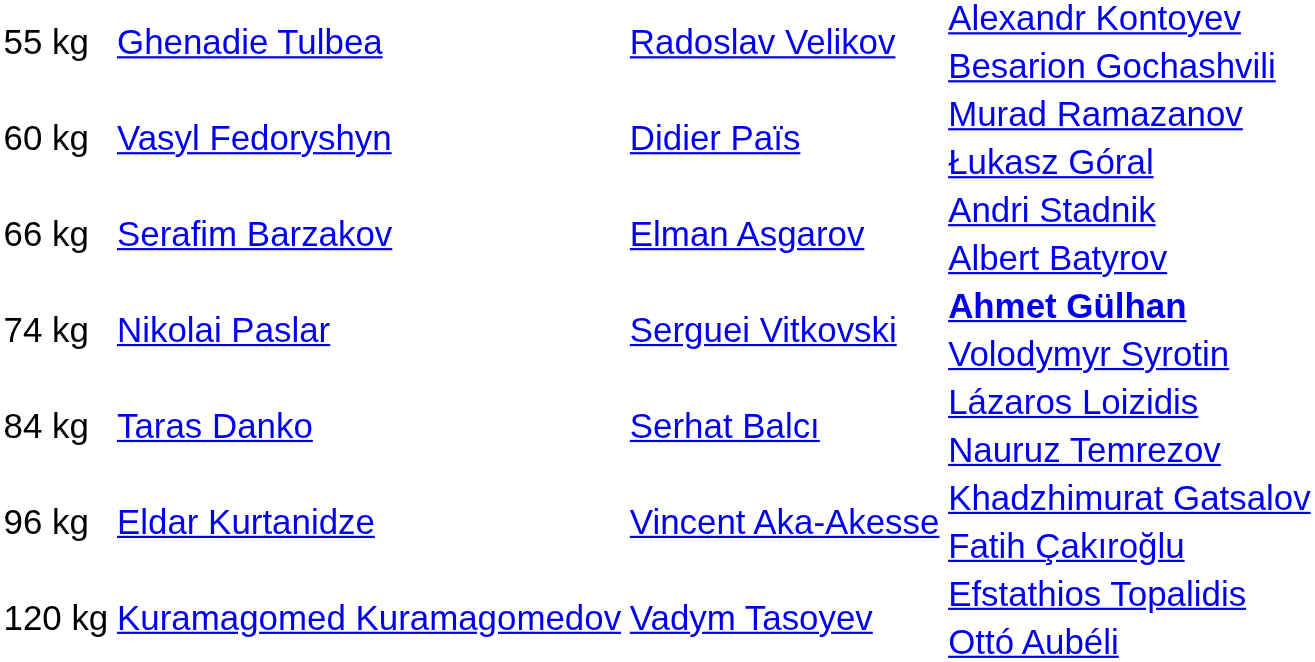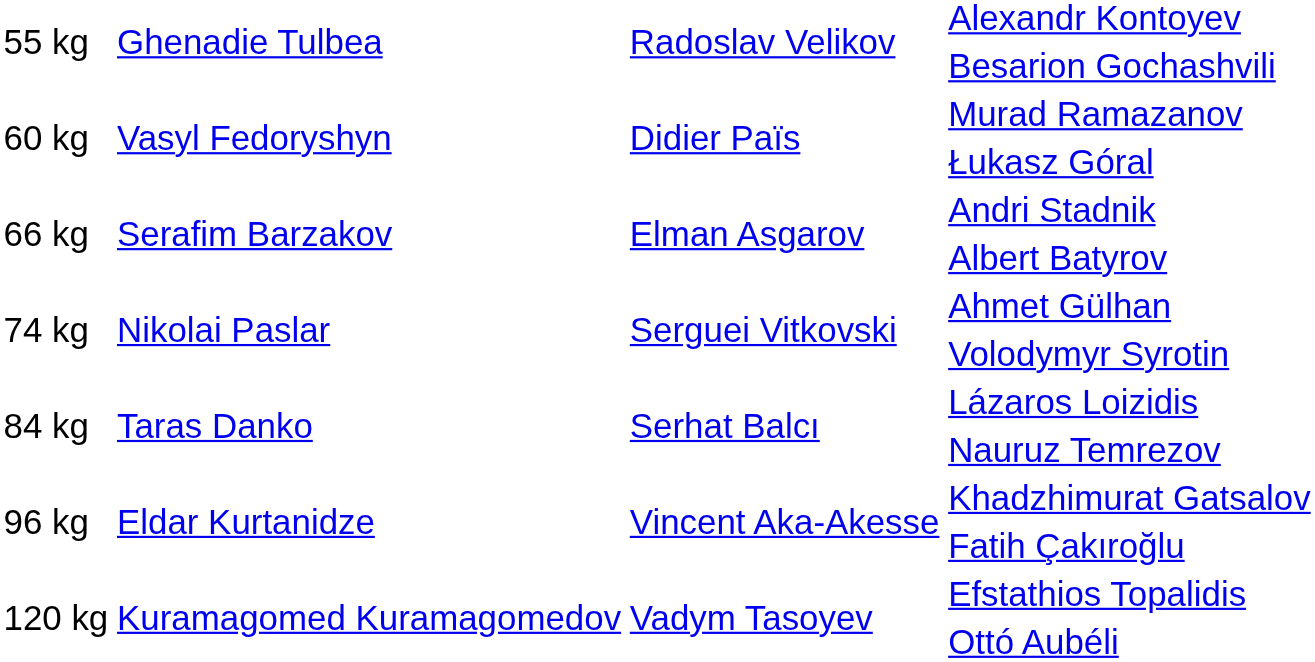 <table>
 <tr>
 <td rowspan=2>55 kg</td>
 <td rowspan=2> <a href='#'>Ghenadie Tulbea</a></td>
 <td rowspan=2> <a href='#'>Radoslav Velikov</a></td>
 <td>  <a href='#'>Alexandr Kontoyev</a></td>
 </tr>
 <tr>
 <td> <a href='#'>Besarion Gochashvili</a></td>
 </tr>
 <tr>
 <td rowspan=2>60 kg</td>
 <td rowspan=2> <a href='#'>Vasyl Fedoryshyn</a></td>
 <td rowspan=2> <a href='#'>Didier Païs</a></td>
 <td> <a href='#'>Murad Ramazanov</a></td>
 </tr>
 <tr>
 <td> <a href='#'>Łukasz Góral</a></td>
 </tr>
 <tr>
 <td rowspan=2>66 kg</td>
 <td rowspan=2> <a href='#'>Serafim Barzakov</a></td>
 <td rowspan=2> <a href='#'>Elman Asgarov</a></td>
 <td> <a href='#'>Andri Stadnik</a></td>
 </tr>
 <tr>
 <td> <a href='#'>Albert Batyrov</a></td>
 </tr>
 <tr>
 <td rowspan=2>74 kg</td>
 <td rowspan=2> <a href='#'>Nikolai Paslar</a></td>
 <td rowspan=2> <a href='#'>Serguei Vitkovski</a></td>
-<td><strong> <a href='#'>Ahmet Gülhan</a></strong></td>
+<td> <a href='#'>Ahmet Gülhan</a></td>
 </tr>
 <tr>
 <td> <a href='#'>Volodymyr Syrotin</a></td>
 </tr>
 <tr>
 <td rowspan=2>84 kg</td>
 <td rowspan=2> <a href='#'>Taras Danko</a></td>
 <td rowspan=2> <a href='#'>Serhat Balcı</a></td>
 <td> <a href='#'>Lázaros Loizidis</a></td>
 </tr>
 <tr>
 <td> <a href='#'>Nauruz Temrezov</a></td>
 </tr>
 <tr>
 <td rowspan=2>96 kg</td>
 <td rowspan=2> <a href='#'>Eldar Kurtanidze</a></td>
 <td rowspan=2> <a href='#'>Vincent Aka-Akesse</a></td>
 <td> <a href='#'>Khadzhimurat Gatsalov</a></td>
 </tr>
 <tr>
 <td> <a href='#'>Fatih Çakıroğlu</a></td>
 </tr>
 <tr>
 <td rowspan=2>120 kg</td>
 <td rowspan=2> <a href='#'>Kuramagomed Kuramagomedov</a></td>
 <td rowspan=2> <a href='#'>Vadym Tasoyev</a></td>
 <td> <a href='#'>Efstathios Topalidis</a></td>
 </tr>
 <tr>
 <td> <a href='#'>Ottó Aubéli</a></td>
 </tr>
 </table>
